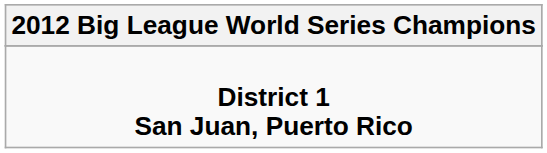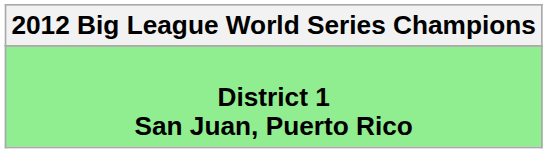 <table class="wikitable" style="text-align: center; margin: 0 auto;">
 <tr>
 <th>2012 Big League World Series Champions</th>
 </tr>
 <tr>
 </tr>
 <tr>
-<td><br><strong>District 1</strong><br> <strong>San Juan, Puerto Rico</strong></td>
+<td style="background: lightgreen;"><br><strong>District 1</strong><br> <strong>San Juan, Puerto Rico</strong></td>
 </tr>
 </table>
